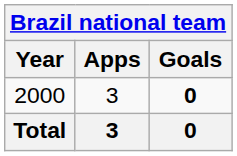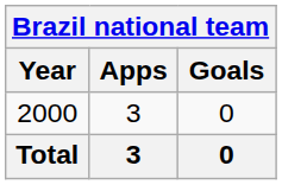 <table class="wikitable" style="text-align:center">
 <tr>
 <th colspan=3><a href='#'>Brazil national team</a></th>
 </tr>
 <tr>
 <th>Year</th>
 <th>Apps</th>
 <th>Goals</th>
 </tr>
 <tr>
 <td>2000</td>
 <td>3</td>
-<td><strong>0</strong></td>
+<td>0</td>
 </tr>
 <tr>
 <th>Total</th>
 <th>3</th>
 <th>0</th>
 </tr>
 </table>
